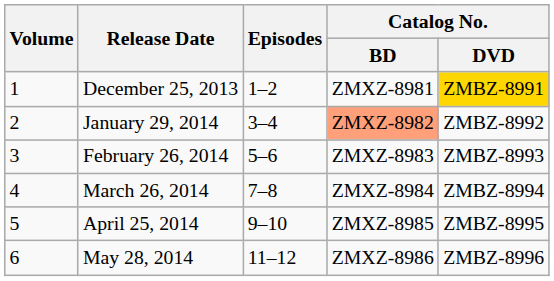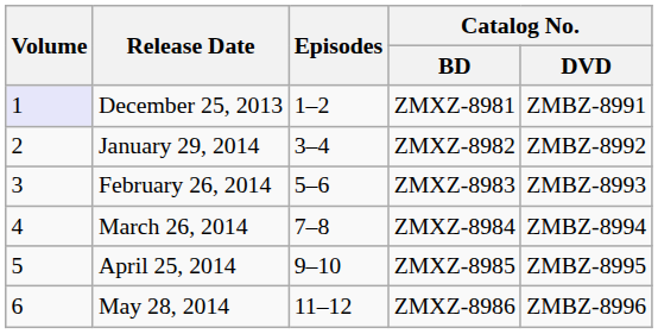 <table class="wikitable" style="font-size:small;" border="1">
 <tr>
 <th rowspan="2">Volume</th>
 <th rowspan="2">Release Date</th>
 <th rowspan="2">Episodes</th>
 <th colspan="2">Catalog No.</th>
 </tr>
 <tr>
 <th>BD</th>
 <th>DVD</th>
 </tr>
 <tr>
-<td>1</td>
+<td style="background: lavender;">1</td>
 <td>December 25, 2013</td>
 <td>1–2</td>
 <td>ZMXZ-8981</td>
-<td style="background: gold;">ZMBZ-8991</td>
+<td>ZMBZ-8991</td>
 </tr>
 <tr>
 <td>2</td>
 <td>January 29, 2014</td>
 <td>3–4</td>
-<td style="background: lightsalmon;">ZMXZ-8982</td>
+<td>ZMXZ-8982</td>
 <td>ZMBZ-8992</td>
 </tr>
 <tr>
 <td>3</td>
 <td>February 26, 2014</td>
 <td>5–6</td>
 <td>ZMXZ-8983</td>
 <td>ZMBZ-8993</td>
 </tr>
 <tr>
 <td>4</td>
 <td>March 26, 2014</td>
 <td>7–8</td>
 <td>ZMXZ-8984</td>
 <td>ZMBZ-8994</td>
 </tr>
 <tr>
 <td>5</td>
 <td>April 25, 2014</td>
 <td>9–10</td>
 <td>ZMXZ-8985</td>
 <td>ZMBZ-8995</td>
 </tr>
 <tr>
 <td>6</td>
 <td>May 28, 2014</td>
 <td>11–12</td>
 <td>ZMXZ-8986</td>
 <td>ZMBZ-8996</td>
 </tr>
 </table>
